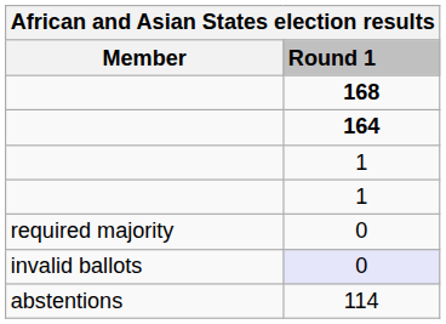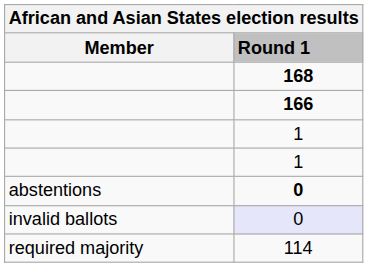 <table class="wikitable collapsible">
 <tr>
 <th colspan="2">African and Asian States election results</th>
 </tr>
 <tr>
 <th>Member</th>
 <td style="background:silver;"><strong>Round 1</strong></td>
 </tr>
 <tr>
 <td></td>
 <td style="text-align:center;"><strong>168</strong></td>
 </tr>
 <tr>
 <td></td>
-<td style="text-align:center;"><strong>164</strong></td>
+<td style="text-align:center;"><strong>166</strong></td>
 </tr>
 <tr>
 <td></td>
 <td style="text-align:center;">1</td>
 </tr>
 <tr>
 <td></td>
 <td style="text-align:center;">1</td>
 </tr>
 <tr>
-<td>required majority</td>
-<td style="text-align:center;">0</td>
+<td>abstentions</td>
+<td style="text-align:center;"><strong>0</strong></td>
 </tr>
 <tr>
 <td>invalid ballots</td>
 <td style="background: lavender; text-align:center;">0</td>
 </tr>
 <tr>
-<td>abstentions</td>
+<td>required majority</td>
 <td style="text-align:center;">114</td>
 </tr>
 </table>
